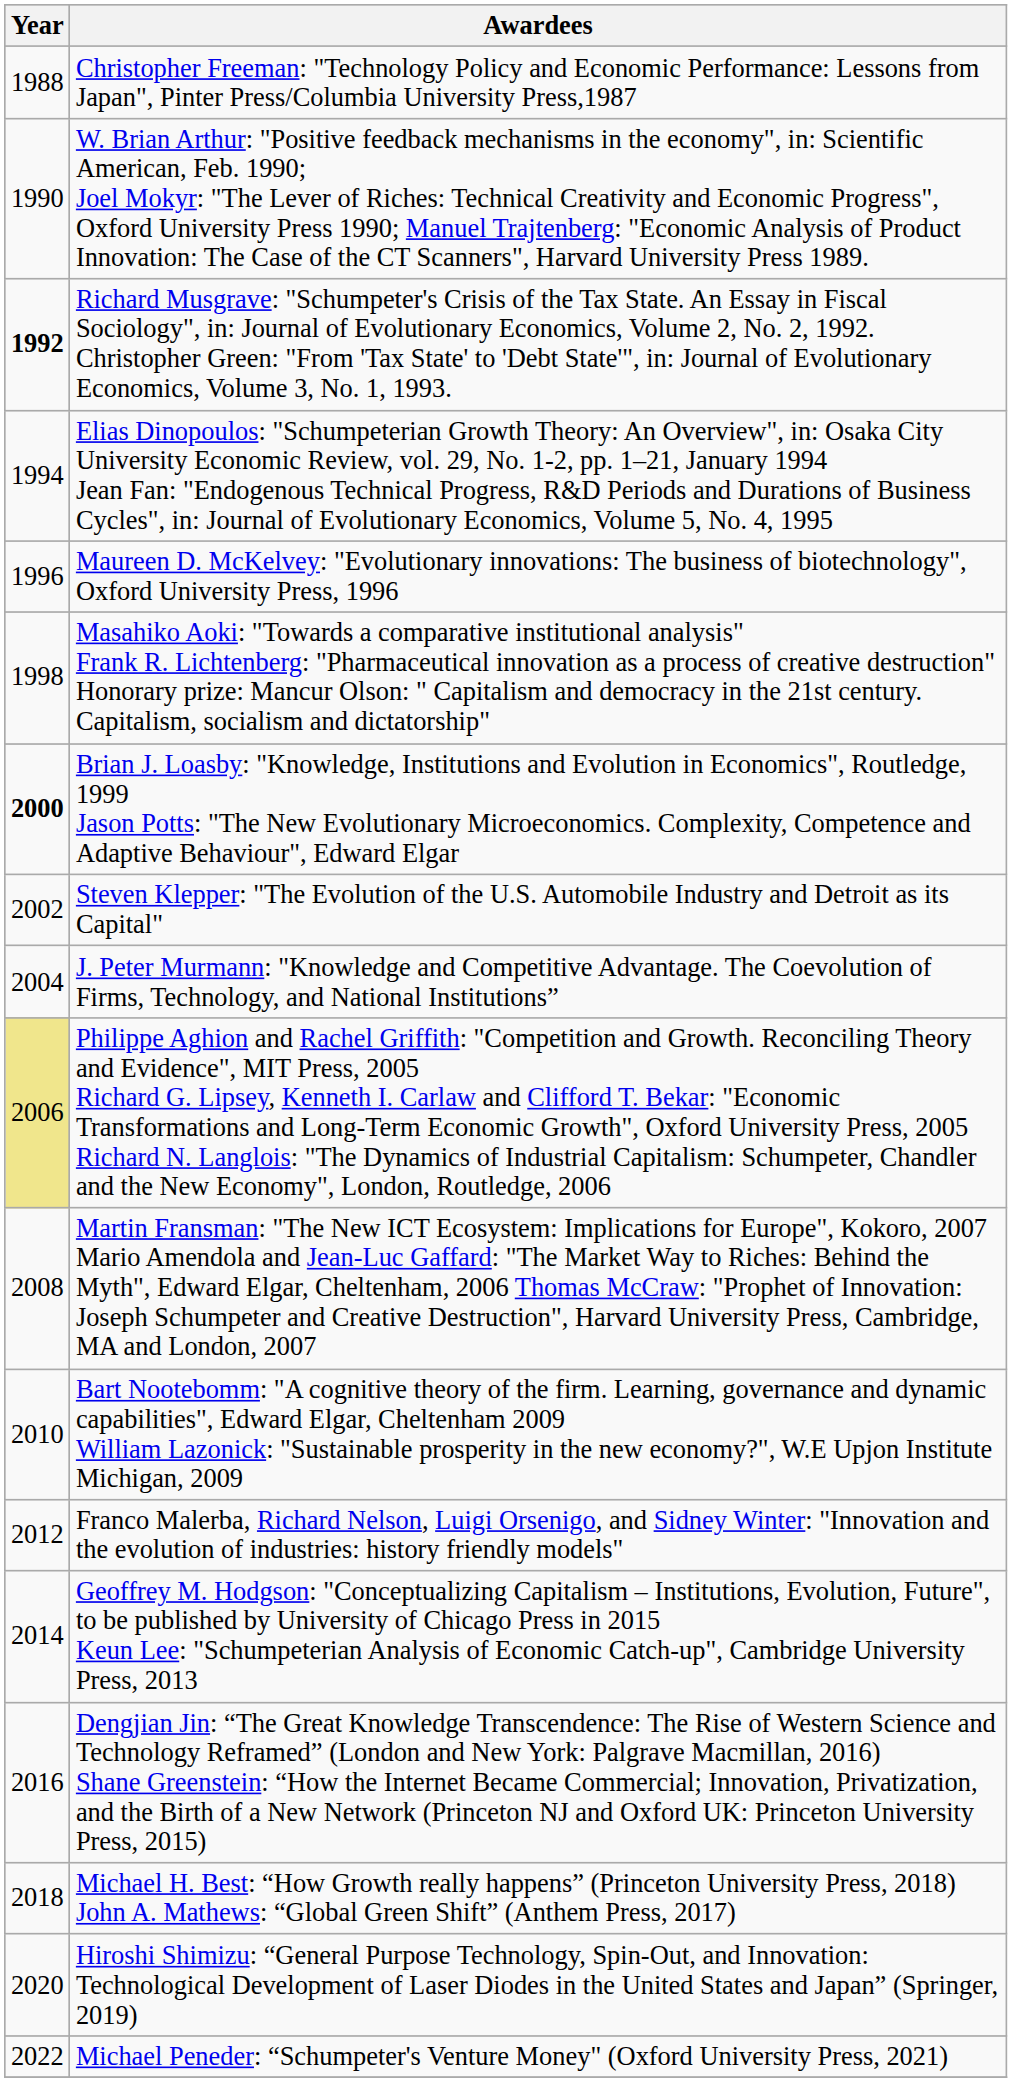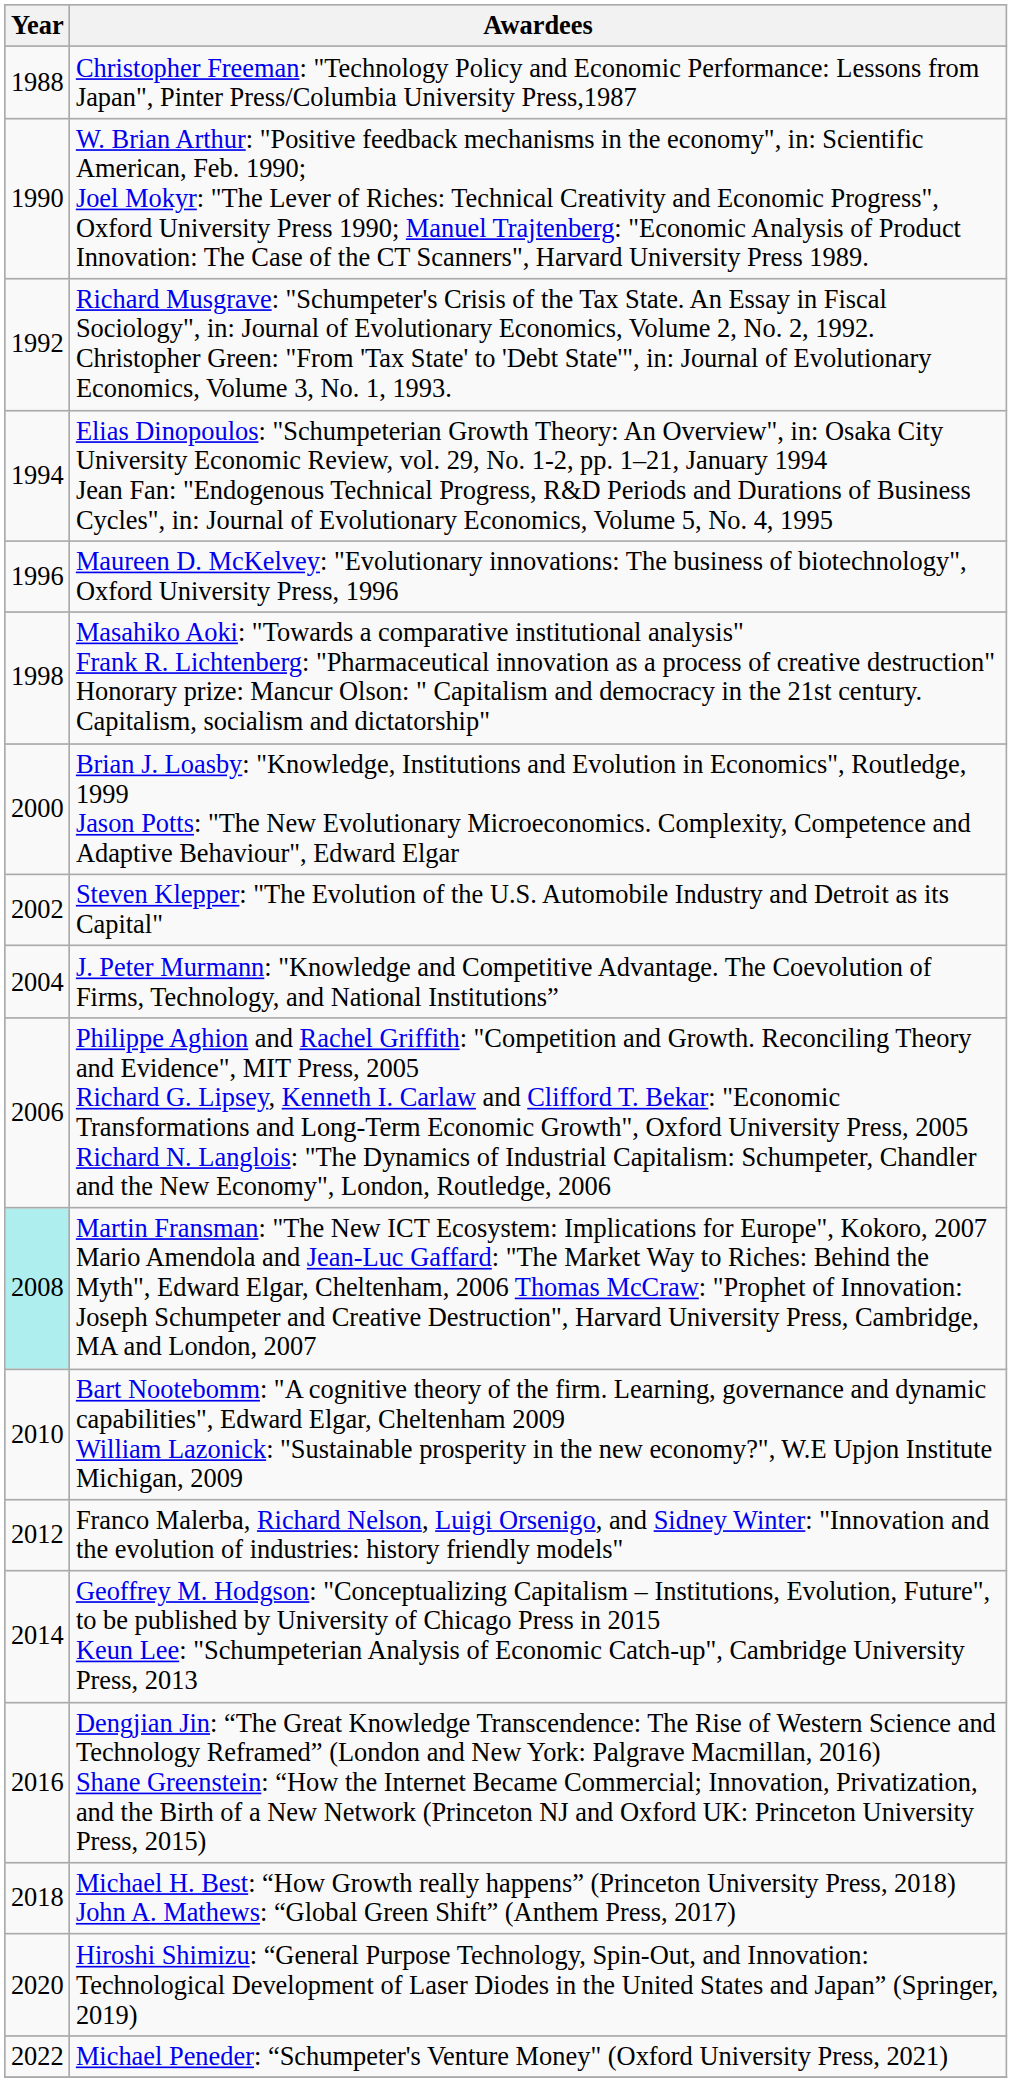 <table class="wikitable">
 <tr>
 <th>Year</th>
 <th>Awardees</th>
 </tr>
 <tr>
 <td>1988</td>
 <td><a href='#'>Christopher Freeman</a>: "Technology Policy and Economic Performance: Lessons from Japan", Pinter Press/Columbia University Press,1987</td>
 </tr>
 <tr>
 <td>1990</td>
 <td><a href='#'>W. Brian Arthur</a>: "Positive feedback mechanisms in the economy", in: Scientific American, Feb. 1990;<br><a href='#'>Joel Mokyr</a>: "The Lever of Riches: Technical Creativity and Economic Progress", Oxford University Press 1990; <a href='#'>Manuel Trajtenberg</a>: "Economic Analysis of Product Innovation: The Case of the CT Scanners", Harvard University Press 1989.</td>
 </tr>
 <tr>
-<td><strong>1992</strong></td>
+<td>1992</td>
 <td><a href='#'>Richard Musgrave</a>: "Schumpeter's Crisis of the Tax State. An Essay in Fiscal Sociology", in: Journal of Evolutionary Economics, Volume 2, No. 2, 1992.<br>Christopher Green: "From 'Tax State' to 'Debt State'", in: Journal of Evolutionary Economics, Volume 3, No. 1, 1993.</td>
 </tr>
 <tr>
 <td>1994</td>
 <td><a href='#'>Elias Dinopoulos</a>: "Schumpeterian Growth Theory: An Overview", in: Osaka City University Economic Review, vol. 29, No. 1-2, pp. 1–21, January 1994<br>Jean Fan: "Endogenous Technical Progress, R&D Periods and Durations of Business Cycles", in: Journal of Evolutionary Economics, Volume 5, No. 4, 1995</td>
 </tr>
 <tr>
 <td>1996</td>
 <td><a href='#'>Maureen D. McKelvey</a>: "Evolutionary innovations: The business of biotechnology", Oxford University Press, 1996</td>
 </tr>
 <tr>
 <td>1998</td>
 <td><a href='#'>Masahiko Aoki</a>: "Towards a comparative institutional analysis"<br><a href='#'>Frank R. Lichtenberg</a>: "Pharmaceutical innovation as a process of creative destruction" Honorary prize: Mancur Olson: " Capitalism and democracy in the 21st century. Capitalism, socialism and dictatorship"</td>
 </tr>
 <tr>
-<td><strong>2000</strong></td>
+<td>2000</td>
 <td><a href='#'>Brian J. Loasby</a>: "Knowledge, Institutions and Evolution in Economics", Routledge, 1999<br><a href='#'>Jason Potts</a>: "The New Evolutionary Microeconomics. Complexity, Competence and Adaptive Behaviour", Edward Elgar</td>
 </tr>
 <tr>
 <td>2002</td>
 <td><a href='#'>Steven Klepper</a>: "The Evolution of the U.S. Automobile Industry and Detroit as its Capital"</td>
 </tr>
 <tr>
 <td>2004</td>
 <td><a href='#'>J. Peter Murmann</a>: "Knowledge and Competitive Advantage. The Coevolution of Firms, Technology, and National Institutions”</td>
 </tr>
 <tr>
-<td style="background: khaki;">2006</td>
+<td>2006</td>
 <td><a href='#'>Philippe Aghion</a> and <a href='#'>Rachel Griffith</a>: "Competition and Growth. Reconciling Theory and Evidence", MIT Press, 2005<br><a href='#'>Richard G. Lipsey</a>, <a href='#'>Kenneth I. Carlaw</a> and <a href='#'>Clifford T. Bekar</a>: "Economic Transformations and Long-Term Economic Growth", Oxford University Press, 2005 <a href='#'>Richard N. Langlois</a>: "The Dynamics of Industrial Capitalism: Schumpeter, Chandler and the New Economy", London, Routledge, 2006</td>
 </tr>
 <tr>
-<td>2008</td>
+<td style="background: paleturquoise;">2008</td>
 <td><a href='#'>Martin Fransman</a>: "The New ICT Ecosystem: Implications for Europe", Kokoro, 2007<br>Mario Amendola and <a href='#'>Jean-Luc Gaffard</a>: "The Market Way to Riches: Behind the Myth", Edward Elgar, Cheltenham, 2006 <a href='#'>Thomas McCraw</a>: "Prophet of Innovation: Joseph Schumpeter and Creative Destruction", Harvard University Press, Cambridge, MA and London, 2007</td>
 </tr>
 <tr>
 <td>2010</td>
 <td><a href='#'>Bart Nootebomm</a>: "A cognitive theory of the firm. Learning, governance and dynamic capabilities", Edward Elgar, Cheltenham 2009<br><a href='#'>William Lazonick</a>: "Sustainable prosperity in the new economy?", W.E Upjon Institute Michigan, 2009</td>
 </tr>
 <tr>
 <td>2012</td>
 <td>Franco Malerba, <a href='#'>Richard Nelson</a>, <a href='#'>Luigi Orsenigo</a>, and <a href='#'>Sidney Winter</a>: "Innovation and the evolution of industries: history friendly models"</td>
 </tr>
 <tr>
 <td>2014</td>
 <td><a href='#'>Geoffrey M. Hodgson</a>: "Conceptualizing Capitalism – Institutions, Evolution, Future", to be published by University of Chicago Press in 2015<br><a href='#'>Keun Lee</a>: "Schumpeterian Analysis of Economic Catch-up", Cambridge University Press, 2013</td>
 </tr>
 <tr>
 <td>2016</td>
 <td><a href='#'>Dengjian Jin</a>: “The Great Knowledge Transcendence: The Rise of Western Science and Technology Reframed” (London and New York: Palgrave Macmillan, 2016)<br><a href='#'>Shane Greenstein</a>: “How the Internet Became Commercial; Innovation, Privatization, and the Birth of a New Network (Princeton NJ and Oxford UK: Princeton University Press, 2015)</td>
 </tr>
 <tr>
 <td>2018</td>
 <td><a href='#'>Michael H. Best</a>: “How Growth really happens” (Princeton University Press, 2018)<br><a href='#'>John A. Mathews</a>: “Global Green Shift” (Anthem Press, 2017)</td>
 </tr>
 <tr>
 <td>2020</td>
 <td><a href='#'>Hiroshi Shimizu</a>: “General Purpose Technology, Spin-Out, and Innovation: Technological Development of Laser Diodes in the United States and Japan” (Springer, 2019)</td>
 </tr>
 <tr>
 <td>2022</td>
 <td><a href='#'>Michael Peneder</a>: “Schumpeter's Venture Money" (Oxford University Press, 2021)</td>
 </tr>
 <tr>
 </tr>
 </table>
